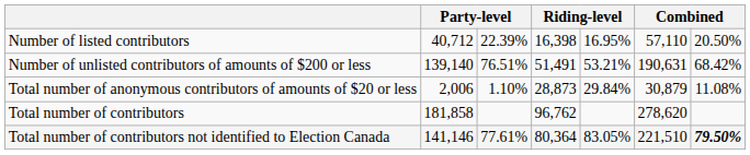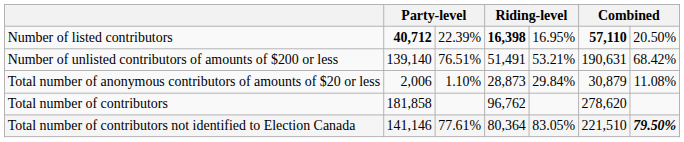 <table class="wikitable" bgcolor="#cccccc" style="border:1px solid #cccccc; text-align: right">
 <tr style="text-align:center">
 <th></th>
 <th colspan="2">Party-level</th>
 <th colspan="2">Riding-level</th>
 <th colspan="2">Combined</th>
 </tr>
 <tr>
 <td align="left">Number of listed contributors</td>
-<td>40,712</td>
+<td><strong>40,712</strong></td>
 <td>22.39%</td>
-<td>16,398</td>
+<td><strong>16,398</strong></td>
 <td>16.95%</td>
-<td>57,110</td>
+<td><strong>57,110</strong></td>
 <td>20.50%</td>
 </tr>
 <tr>
 <td align="left">Number of unlisted contributors of amounts of $200 or less</td>
 <td>139,140</td>
 <td>76.51%</td>
 <td>51,491</td>
 <td>53.21%</td>
 <td>190,631</td>
 <td>68.42%</td>
 </tr>
 <tr>
 <td align="left">Total number of anonymous contributors of amounts of $20 or less</td>
 <td>2,006</td>
 <td>1.10%</td>
 <td>28,873</td>
 <td>29.84%</td>
 <td>30,879</td>
 <td>11.08%</td>
 </tr>
 <tr>
 <td align="left">Total number of contributors</td>
 <td>181,858</td>
 <td></td>
 <td>96,762</td>
 <td></td>
 <td>278,620</td>
 <td></td>
 </tr>
 <tr style="background:#f5f5f5;">
 <td align="left">Total number of contributors not identified to Election Canada</td>
 <td>141,146</td>
 <td>77.61%</td>
 <td>80,364</td>
 <td>83.05%</td>
 <td>221,510</td>
 <td><strong><em>79.50%</em></strong></td>
 </tr>
 </table>
